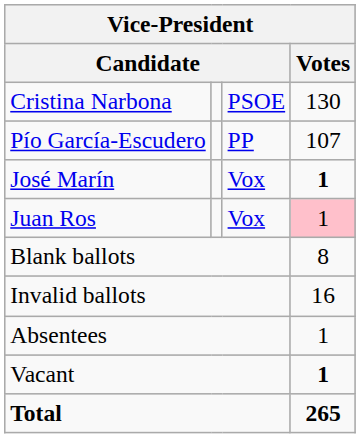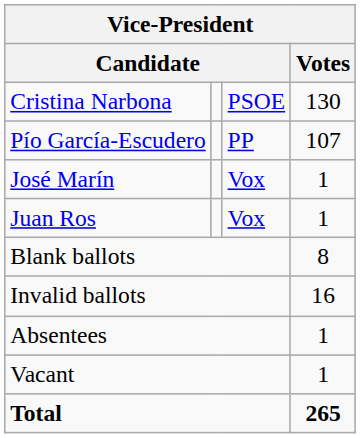 <table class="wikitable" style="font-size:95%; text-align:center;">
 <tr>
 <th colspan="4">Vice-President</th>
 </tr>
 <tr>
 <th colspan="3">Candidate</th>
 <th>Votes</th>
 </tr>
 <tr>
 <td align="left"> <a href='#'>Cristina Narbona</a></td>
 <td style="background:"></td>
 <td align="left"><a href='#'>PSOE</a></td>
 <td>130</td>
 </tr>
 <tr>
 <td align="left"> <a href='#'>Pío García-Escudero</a></td>
 <td style="background:"></td>
 <td align="left"><a href='#'>PP</a></td>
 <td>107</td>
 </tr>
 <tr>
 <td align="left"> <a href='#'>José Marín</a></td>
 <td style="background:"></td>
 <td align="left"><a href='#'>Vox</a></td>
-<td><strong>1</strong></td>
+<td>1</td>
 </tr>
 <tr>
 <td align="left"> <a href='#'>Juan Ros</a></td>
 <td style="background:"></td>
 <td align="left"><a href='#'>Vox</a></td>
-<td style="background: pink;">1</td>
+<td>1</td>
 </tr>
 <tr>
 <td align=left colspan="3">Blank ballots</td>
 <td>8</td>
 </tr>
 <tr>
 <td align=left colspan="3">Invalid ballots</td>
 <td>16</td>
 </tr>
 <tr>
 <td align=left colspan="3">Absentees</td>
 <td>1</td>
 </tr>
 <tr>
 <td align=left colspan="3">Vacant</td>
-<td><strong>1</strong></td>
+<td>1</td>
 </tr>
 <tr style="font-weight:bold">
 <td align=left colspan="3">Total</td>
 <td>265</td>
 </tr>
 </table>
